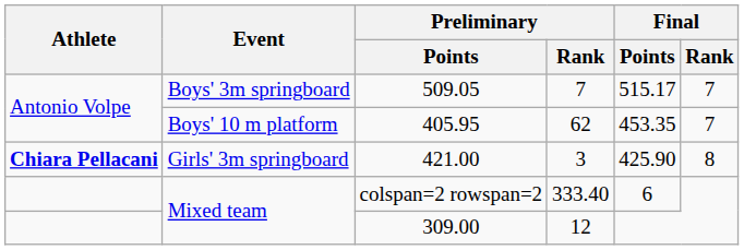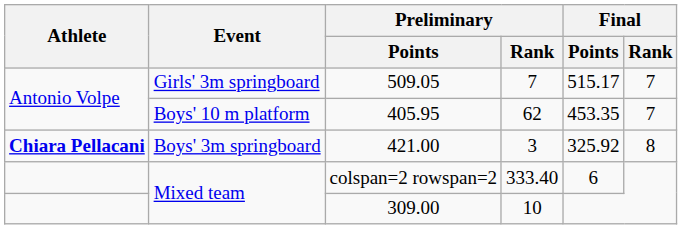 <table class="wikitable" style="text-align:center;font-size:90%">
 <tr>
 <th rowspan=2>Athlete</th>
 <th rowspan=2>Event</th>
 <th colspan=2>Preliminary</th>
 <th colspan=2>Final</th>
 </tr>
 <tr>
 <th>Points</th>
 <th>Rank</th>
 <th>Points</th>
 <th>Rank</th>
 </tr>
 <tr>
 <td align=left rowspan=2><a href='#'>Antonio Volpe</a></td>
-<td align=left><a href='#'>Boys' 3m springboard</a></td>
+<td align=left><a href='#'>Girls' 3m springboard</a></td>
 <td>509.05</td>
 <td>7</td>
 <td>515.17</td>
 <td>7</td>
 </tr>
 <tr>
 <td align=left><a href='#'>Boys' 10 m platform</a></td>
 <td>405.95</td>
 <td>62</td>
 <td>453.35</td>
 <td>7</td>
 </tr>
 <tr>
 <td align=left><strong><a href='#'>Chiara Pellacani</a></strong></td>
-<td align=left><a href='#'>Girls' 3m springboard</a></td>
+<td align=left><a href='#'>Boys' 3m springboard</a></td>
 <td>421.00</td>
 <td>3</td>
-<td>425.90</td>
+<td>325.92</td>
 <td>8</td>
 </tr>
 <tr>
 <td align=left><br></td>
 <td rowspan=2 align=left><a href='#'>Mixed team</a></td>
 <td>colspan=2 rowspan=2 </td>
 <td>333.40</td>
 <td>6</td>
 </tr>
 <tr>
 <td align=left><br></td>
 <td>309.00</td>
-<td>12</td>
+<td>10</td>
 </tr>
 </table>
